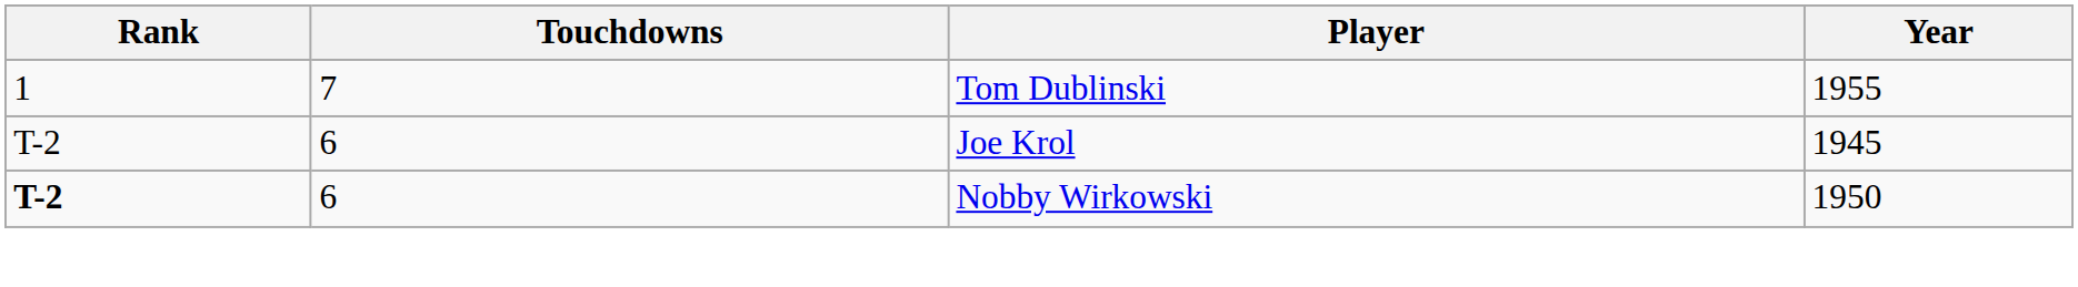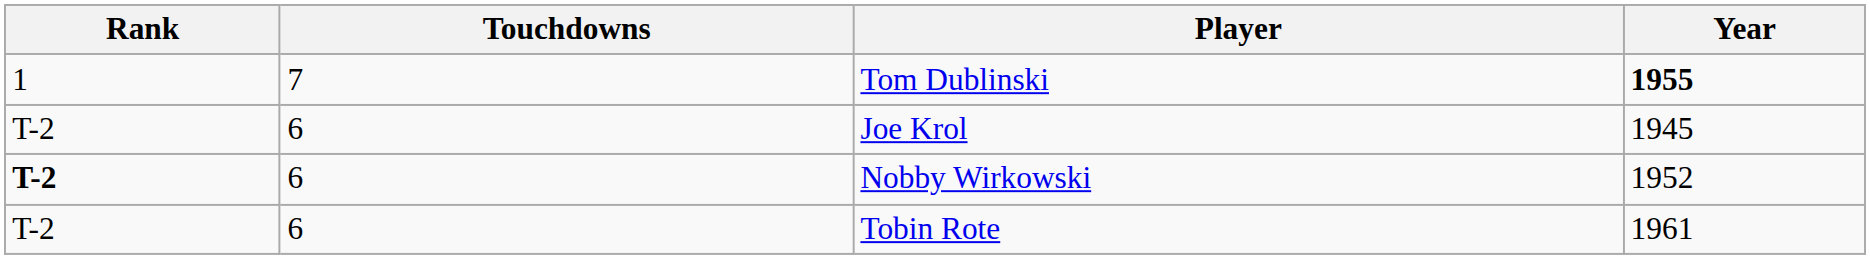 <table class="wikitable" style="width:60%;">
 <tr>
 <th>Rank</th>
 <th>Touchdowns</th>
 <th>Player</th>
 <th>Year</th>
 </tr>
 <tr>
 <td>1</td>
 <td>7</td>
 <td><a href='#'>Tom Dublinski</a></td>
-<td>1955</td>
+<td><strong>1955</strong></td>
 </tr>
 <tr>
 <td>T-2</td>
 <td>6</td>
 <td><a href='#'>Joe Krol</a></td>
 <td>1945</td>
 </tr>
 <tr>
 <td><strong>T-2</strong></td>
 <td>6</td>
 <td><a href='#'>Nobby Wirkowski</a></td>
-<td>1950</td>
+<td>1952</td>
+</tr>
+<tr>
+<td>T-2</td>
+<td>6</td>
+<td><a href='#'>Tobin Rote</a></td>
+<td>1961</td>
 </tr>
 </table>
